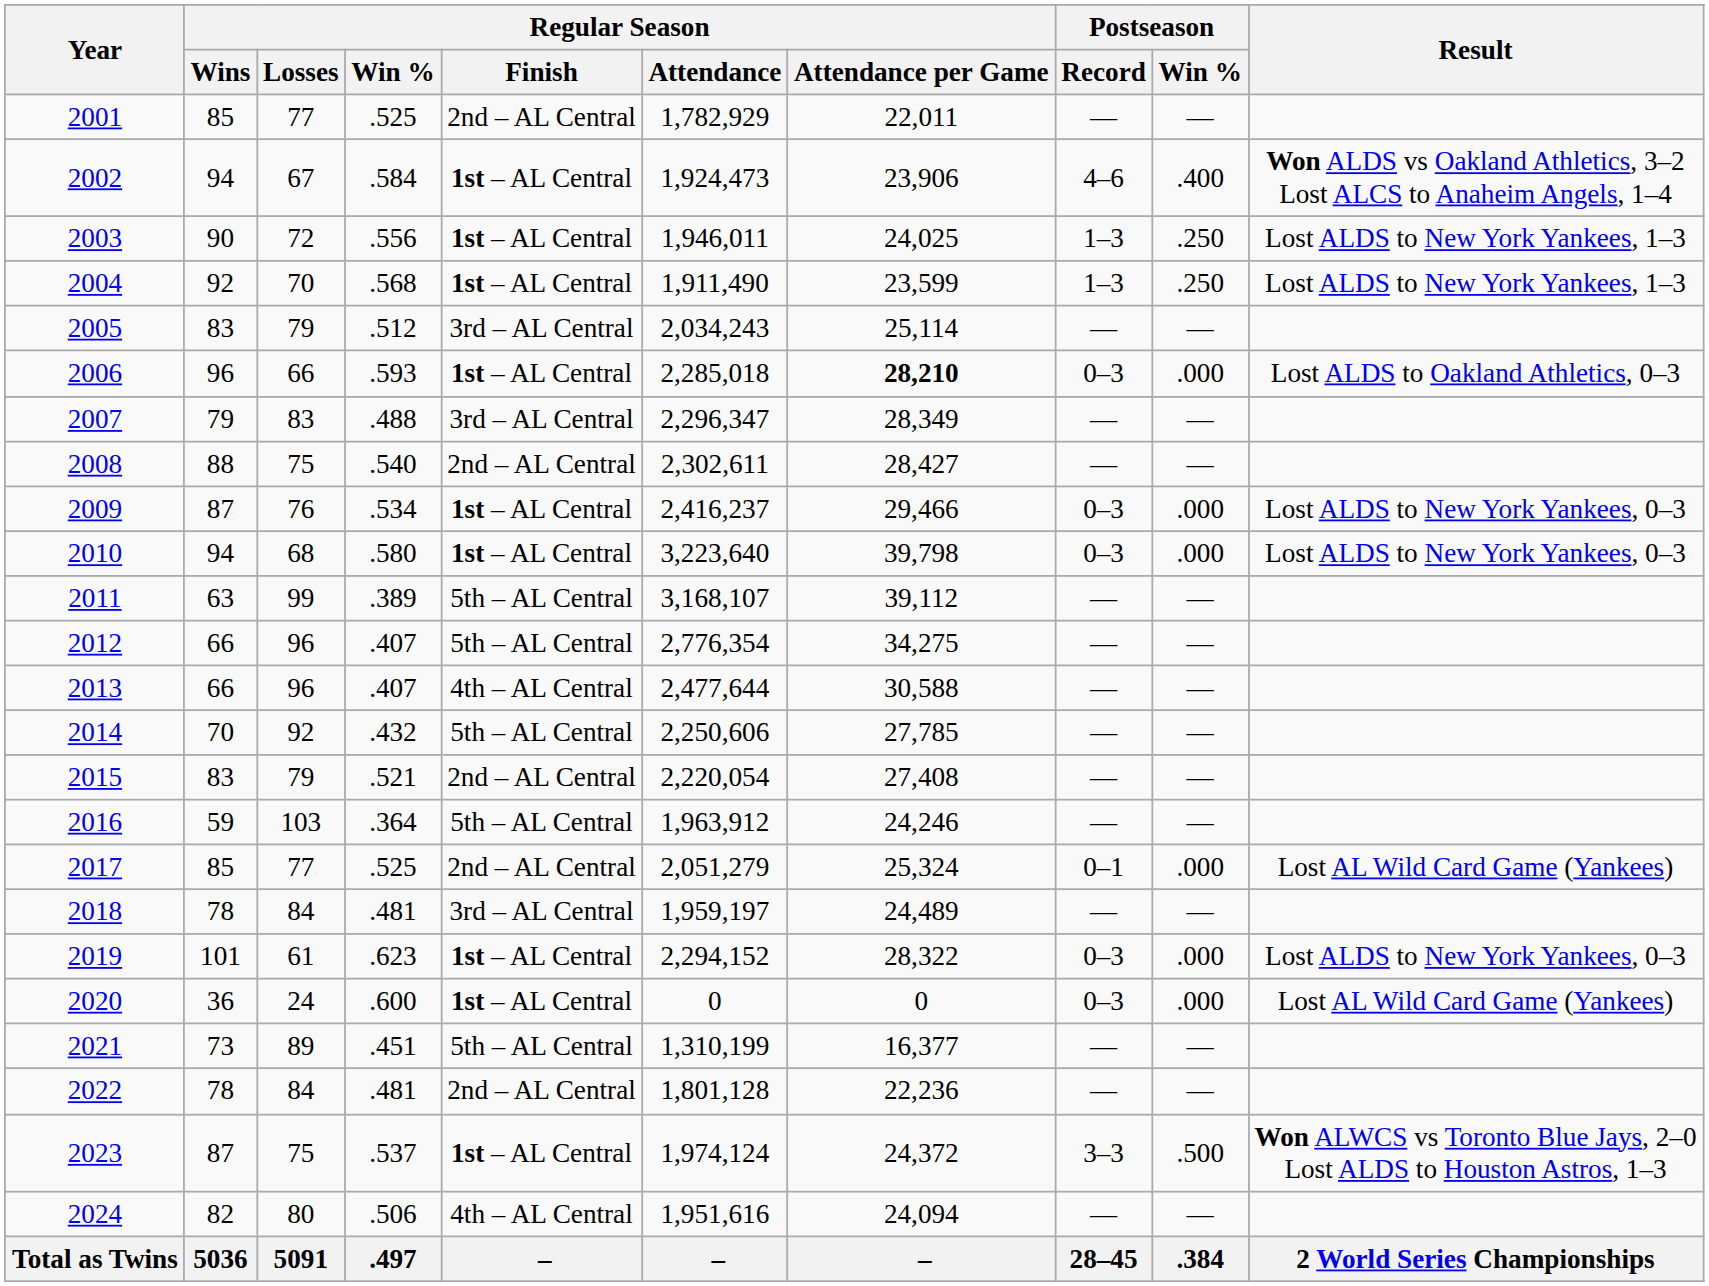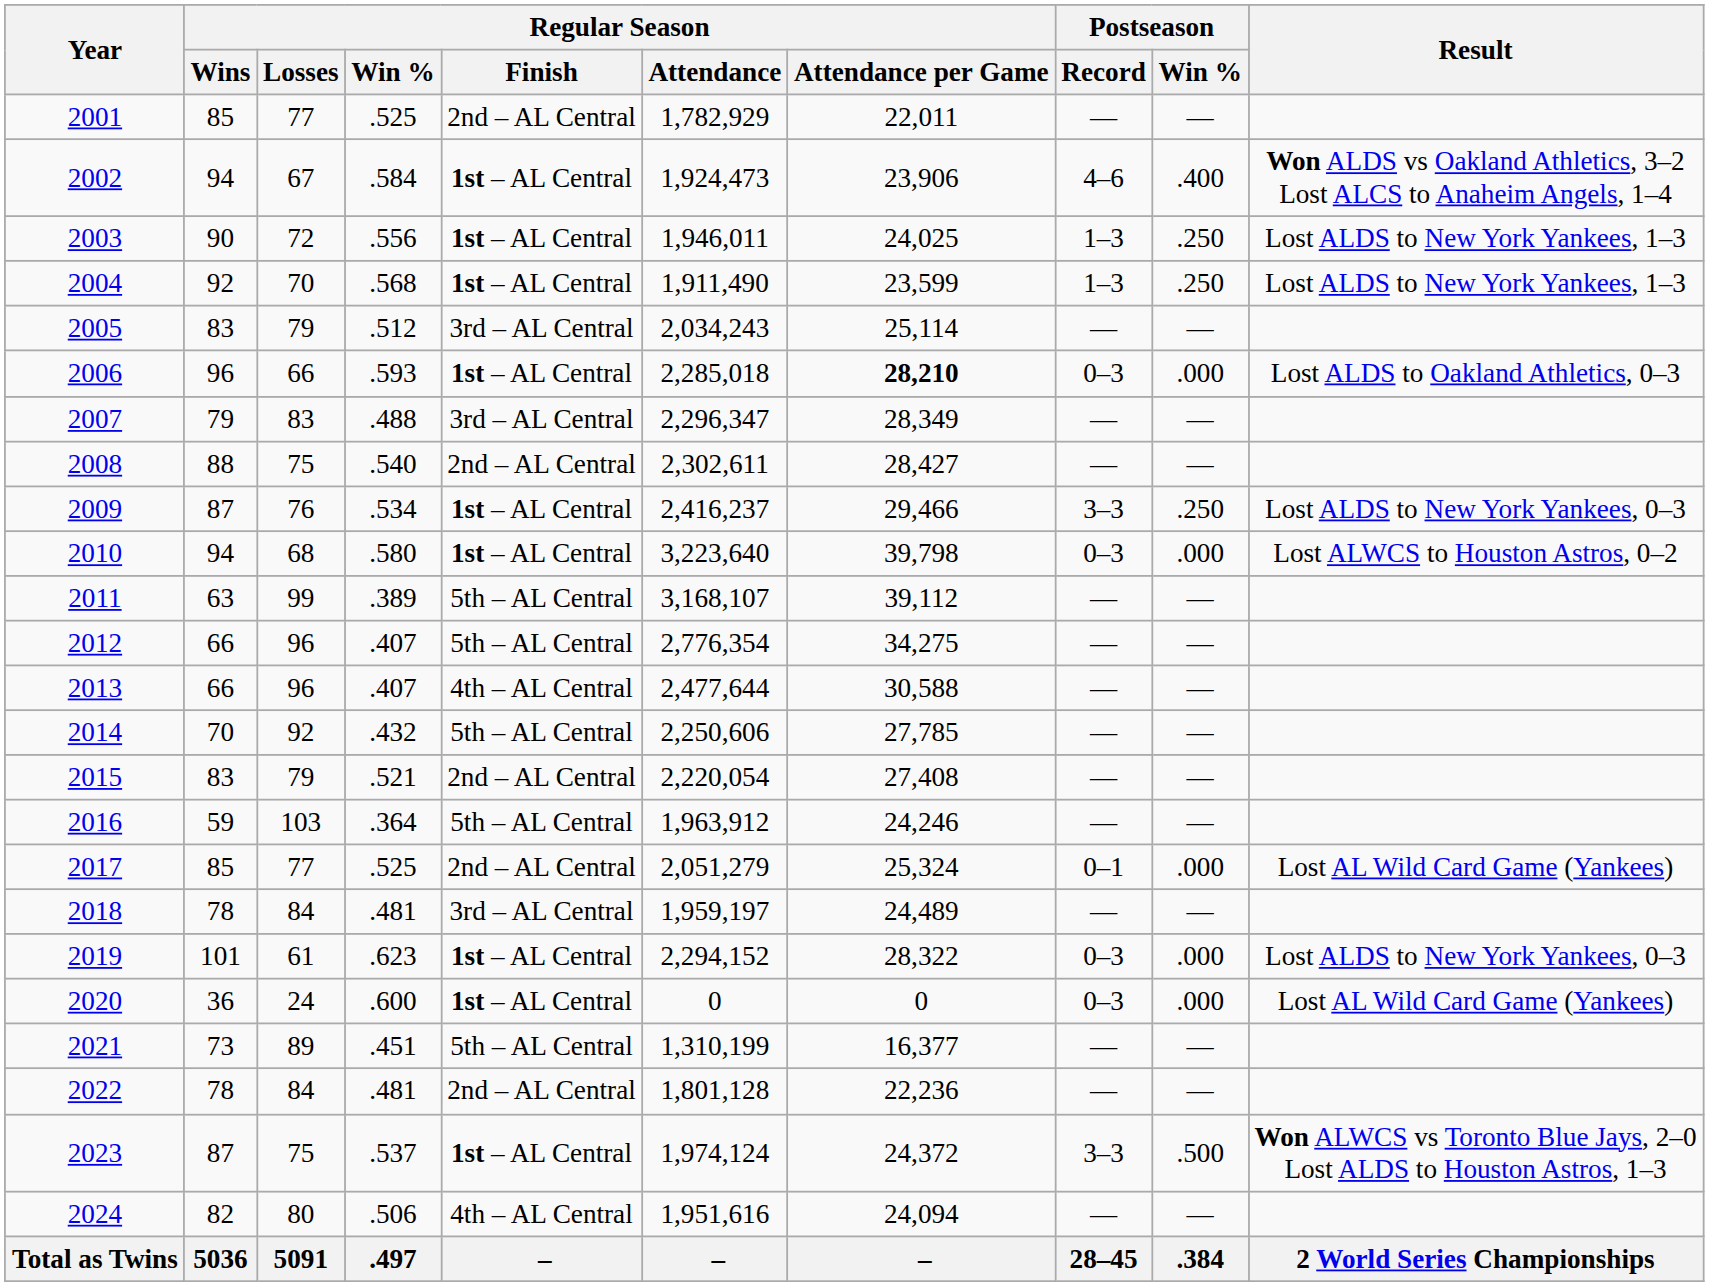 <table class="wikitable" style="margin: 1em auto 1em auto; font-size: 95%; text-align:center;">
 <tr>
 <th rowspan="2">Year</th>
 <th colspan="6">Regular Season</th>
 <th colspan="2">Postseason</th>
 <th rowspan="2">Result</th>
 </tr>
 <tr>
 <th>Wins</th>
 <th>Losses</th>
 <th>Win %</th>
 <th>Finish</th>
 <th>Attendance</th>
 <th>Attendance per Game</th>
 <th>Record</th>
 <th>Win %</th>
 </tr>
 <tr>
 <td><a href='#'>2001</a></td>
 <td>85</td>
 <td>77</td>
 <td>.525</td>
 <td>2nd – AL Central</td>
 <td>1,782,929</td>
 <td>22,011</td>
 <td>—</td>
 <td>—</td>
 <td></td>
 </tr>
 <tr>
 <td><a href='#'>2002</a></td>
 <td>94</td>
 <td>67</td>
 <td>.584</td>
 <td><strong>1st</strong> – AL Central</td>
 <td>1,924,473</td>
 <td>23,906</td>
 <td>4–6</td>
 <td>.400</td>
 <td><strong>Won</strong> <a href='#'>ALDS</a> vs <a href='#'>Oakland Athletics</a>, 3–2 <br> Lost <a href='#'>ALCS</a> to <a href='#'>Anaheim Angels</a>, 1–4</td>
 </tr>
 <tr>
 <td><a href='#'>2003</a></td>
 <td>90</td>
 <td>72</td>
 <td>.556</td>
 <td><strong>1st</strong> – AL Central</td>
 <td>1,946,011</td>
 <td>24,025</td>
 <td>1–3</td>
 <td>.250</td>
 <td>Lost <a href='#'>ALDS</a> to <a href='#'>New York Yankees</a>, 1–3</td>
 </tr>
 <tr>
 <td><a href='#'>2004</a></td>
 <td>92</td>
 <td>70</td>
 <td>.568</td>
 <td><strong>1st</strong> – AL Central</td>
 <td>1,911,490</td>
 <td>23,599</td>
 <td>1–3</td>
 <td>.250</td>
 <td>Lost <a href='#'>ALDS</a> to <a href='#'>New York Yankees</a>, 1–3</td>
 </tr>
 <tr>
 <td><a href='#'>2005</a></td>
 <td>83</td>
 <td>79</td>
 <td>.512</td>
 <td>3rd – AL Central</td>
 <td>2,034,243</td>
 <td>25,114</td>
 <td>—</td>
 <td>—</td>
 <td></td>
 </tr>
 <tr>
 <td><a href='#'>2006</a></td>
 <td>96</td>
 <td>66</td>
 <td>.593</td>
 <td><strong>1st</strong> – AL Central</td>
 <td>2,285,018</td>
 <td><strong>28,210</strong></td>
 <td>0–3</td>
 <td>.000</td>
 <td>Lost <a href='#'>ALDS</a> to <a href='#'>Oakland Athletics</a>, 0–3</td>
 </tr>
 <tr>
 <td><a href='#'>2007</a></td>
 <td>79</td>
 <td>83</td>
 <td>.488</td>
 <td>3rd – AL Central</td>
 <td>2,296,347</td>
 <td>28,349</td>
 <td>—</td>
 <td>—</td>
 <td></td>
 </tr>
 <tr>
 <td><a href='#'>2008</a></td>
 <td>88</td>
 <td>75</td>
 <td>.540</td>
 <td>2nd – AL Central</td>
 <td>2,302,611</td>
 <td>28,427</td>
 <td>—</td>
 <td>—</td>
 <td></td>
 </tr>
 <tr>
 <td><a href='#'>2009</a></td>
 <td>87</td>
 <td>76</td>
 <td>.534</td>
 <td><strong>1st</strong> – AL Central</td>
 <td>2,416,237</td>
 <td>29,466</td>
-<td>0–3</td>
-<td>.000</td>
+<td>3–3</td>
+<td>.250</td>
 <td>Lost <a href='#'>ALDS</a> to <a href='#'>New York Yankees</a>, 0–3</td>
 </tr>
 <tr>
 <td><a href='#'>2010</a></td>
 <td>94</td>
 <td>68</td>
 <td>.580</td>
 <td><strong>1st</strong> – AL Central</td>
 <td>3,223,640</td>
 <td>39,798</td>
 <td>0–3</td>
 <td>.000</td>
-<td>Lost <a href='#'>ALDS</a> to <a href='#'>New York Yankees</a>, 0–3</td>
+<td>Lost <a href='#'>ALWCS</a> to <a href='#'>Houston Astros</a>, 0–2</td>
 </tr>
 <tr>
 <td><a href='#'>2011</a></td>
 <td>63</td>
 <td>99</td>
 <td>.389</td>
 <td>5th – AL Central</td>
 <td>3,168,107</td>
 <td>39,112</td>
 <td>—</td>
 <td>—</td>
 <td></td>
 </tr>
 <tr>
 <td><a href='#'>2012</a></td>
 <td>66</td>
 <td>96</td>
 <td>.407</td>
 <td>5th – AL Central</td>
 <td>2,776,354</td>
 <td>34,275</td>
 <td>—</td>
 <td>—</td>
 <td></td>
 </tr>
 <tr>
 <td><a href='#'>2013</a></td>
 <td>66</td>
 <td>96</td>
 <td>.407</td>
 <td>4th – AL Central</td>
 <td>2,477,644</td>
 <td>30,588</td>
 <td>—</td>
 <td>—</td>
 <td></td>
 </tr>
 <tr>
 <td><a href='#'>2014</a></td>
 <td>70</td>
 <td>92</td>
 <td>.432</td>
 <td>5th – AL Central</td>
 <td>2,250,606</td>
 <td>27,785</td>
 <td>—</td>
 <td>—</td>
 <td></td>
 </tr>
 <tr>
 <td><a href='#'>2015</a></td>
 <td>83</td>
 <td>79</td>
 <td>.521</td>
 <td>2nd – AL Central</td>
 <td>2,220,054</td>
 <td>27,408</td>
 <td>—</td>
 <td>—</td>
 <td></td>
 </tr>
 <tr>
 <td><a href='#'>2016</a></td>
 <td>59</td>
 <td>103</td>
 <td>.364</td>
 <td>5th – AL Central</td>
 <td>1,963,912</td>
 <td>24,246</td>
 <td>—</td>
 <td>—</td>
 <td></td>
 </tr>
 <tr>
 <td><a href='#'>2017</a></td>
 <td>85</td>
 <td>77</td>
 <td>.525</td>
 <td>2nd – AL Central</td>
 <td>2,051,279</td>
 <td>25,324</td>
 <td>0–1</td>
 <td>.000</td>
 <td>Lost <a href='#'>AL Wild Card Game</a> (<a href='#'>Yankees</a>)</td>
 </tr>
 <tr>
 <td><a href='#'>2018</a></td>
 <td>78</td>
 <td>84</td>
 <td>.481</td>
 <td>3rd – AL Central</td>
 <td>1,959,197</td>
 <td>24,489</td>
 <td>—</td>
 <td>—</td>
 <td></td>
 </tr>
 <tr>
 <td><a href='#'>2019</a></td>
 <td>101</td>
 <td>61</td>
 <td>.623</td>
 <td><strong>1st</strong> – AL Central</td>
 <td>2,294,152</td>
 <td>28,322</td>
 <td>0–3</td>
 <td>.000</td>
 <td>Lost <a href='#'>ALDS</a> to <a href='#'>New York Yankees</a>, 0–3</td>
 </tr>
 <tr>
 <td><a href='#'>2020</a></td>
 <td>36</td>
 <td>24</td>
 <td>.600</td>
 <td><strong>1st</strong> – AL Central</td>
 <td>0</td>
 <td>0</td>
 <td>0–3</td>
 <td>.000</td>
 <td>Lost <a href='#'>AL Wild Card Game</a> (<a href='#'>Yankees</a>)</td>
 </tr>
 <tr>
 <td><a href='#'>2021</a></td>
 <td>73</td>
 <td>89</td>
 <td>.451</td>
 <td>5th – AL Central</td>
 <td>1,310,199</td>
 <td>16,377</td>
 <td>—</td>
 <td>—</td>
 <td></td>
 </tr>
 <tr>
 <td><a href='#'>2022</a></td>
 <td>78</td>
 <td>84</td>
 <td>.481</td>
 <td>2nd – AL Central</td>
 <td>1,801,128</td>
 <td>22,236</td>
 <td>—</td>
 <td>—</td>
 <td></td>
 </tr>
 <tr>
 <td><a href='#'>2023</a></td>
 <td>87</td>
 <td>75</td>
 <td>.537</td>
 <td><strong>1st</strong> – AL Central</td>
 <td>1,974,124</td>
 <td>24,372</td>
 <td>3–3</td>
 <td>.500</td>
 <td><strong>Won</strong> <a href='#'>ALWCS</a> vs <a href='#'>Toronto Blue Jays</a>, 2–0 <br> Lost <a href='#'>ALDS</a> to <a href='#'>Houston Astros</a>, 1–3</td>
 </tr>
 <tr>
 <td><a href='#'>2024</a></td>
 <td>82</td>
 <td>80</td>
 <td>.506</td>
 <td>4th – AL Central</td>
 <td>1,951,616</td>
 <td>24,094</td>
 <td>—</td>
 <td>—</td>
 <td></td>
 </tr>
 <tr>
 <th><strong>Total as Twins</strong></th>
 <th><strong>5036</strong></th>
 <th><strong>5091</strong></th>
 <th>.497</th>
 <th> –</th>
 <th> –</th>
 <th> –</th>
 <th><strong>28–45</strong></th>
 <th><strong>.384</strong></th>
 <th><strong>2 <a href='#'><span>World Series</span></a> Championships</strong></th>
 </tr>
 </table>
